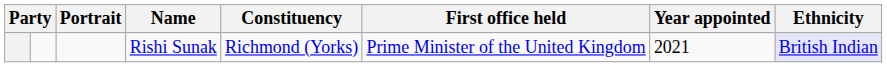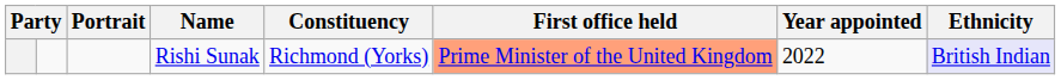 <table class="wikitable sortable">
 <tr>
 <th colspan=2>Party</th>
 <th>Portrait</th>
 <th>Name</th>
 <th>Constituency</th>
 <th>First office held</th>
 <th>Year appointed</th>
 <th>Ethnicity</th>
 </tr>
 <tr>
 <th style="background-color: "></th>
 <td></td>
 <td></td>
 <td><a href='#'>Rishi Sunak</a></td>
 <td><a href='#'>Richmond (Yorks)</a></td>
-<td><a href='#'>Prime Minister of the United Kingdom</a></td>
-<td>2021</td>
+<td style="background: lightsalmon;"><a href='#'>Prime Minister of the United Kingdom</a></td>
+<td>2022</td>
 <td style="background: lavender;"><a href='#'>British Indian</a></td>
 </tr>
 </table>
